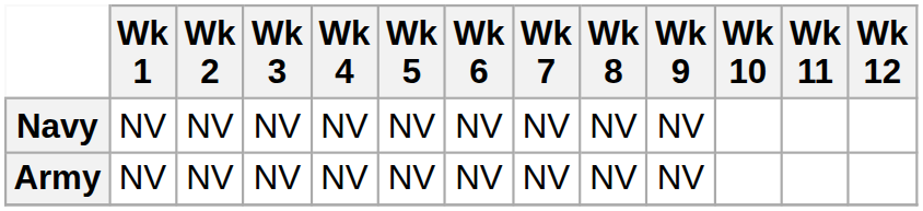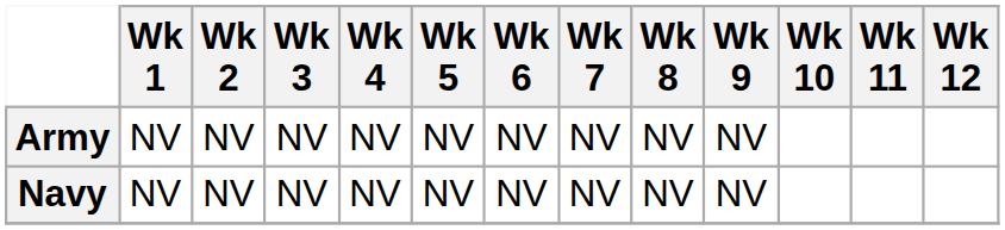 <table class="wikitable" style="white-space:nowrap;font-size:90%;text-align:center;">
 <tr>
 <th style="background:white; border-top-style:hidden; border-left-style:hidden;"> </th>
 <th>Wk<br> 1</th>
 <th>Wk<br>2</th>
 <th>Wk<br>3</th>
 <th>Wk<br>4</th>
 <th>Wk<br>5</th>
 <th>Wk<br>6</th>
 <th>Wk<br>7</th>
 <th>Wk<br>8</th>
 <th>Wk<br>9</th>
 <th>Wk<br>10</th>
 <th>Wk<br>11</th>
 <th>Wk<br>12</th>
 </tr>
 <tr>
-<th>Navy</th>
+<th>Army</th>
 <td style="background:#FFF;">NV</td>
 <td style="background:#FFF;">NV</td>
 <td style="background:#FFF;">NV</td>
 <td style="background:#FFF;">NV</td>
 <td style="background:#FFF;">NV</td>
 <td style="background:#FFF;">NV</td>
 <td style="background:#FFF;">NV</td>
 <td style="background:#FFF;">NV</td>
 <td style="background:#FFF;">NV</td>
 <td style="background:#FFF;"></td>
 <td style="background:#FFF;"></td>
 <td style="background:#FFF;"></td>
 </tr>
 <tr>
-<th>Army</th>
+<th>Navy</th>
 <td style="background:#FFF;">NV</td>
 <td style="background:#FFF;">NV</td>
 <td style="background:#FFF;">NV</td>
 <td style="background:#FFF;">NV</td>
 <td style="background:#FFF;">NV</td>
 <td style="background:#FFF;">NV</td>
 <td style="background:#FFF;">NV</td>
 <td style="background:#FFF;">NV</td>
 <td style="background:#FFF;">NV</td>
 <td style="background:#FFF;"></td>
 <td style="background:#FFF;"></td>
 <td style="background:#FFF;"></td>
 </tr>
 <tr>
 </tr>
 </table>
